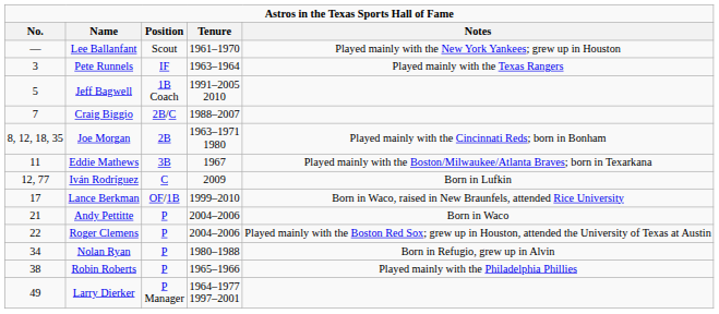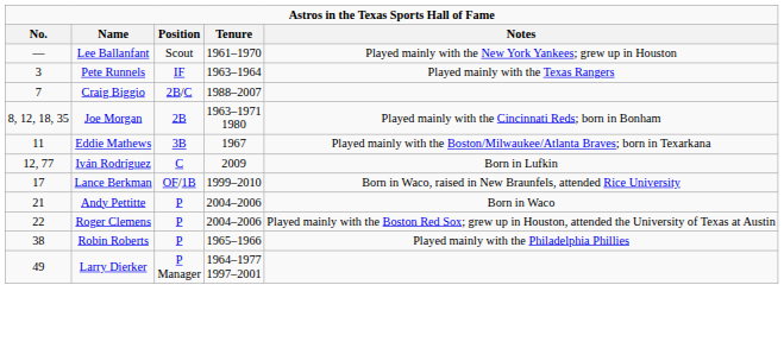 <table class="wikitable" style="text-align:center">
 <tr>
 <td colspan="5"><strong>Astros in the Texas Sports Hall of Fame</strong></td>
 </tr>
 <tr>
 <th>No.</th>
 <th>Name</th>
 <th>Position</th>
 <th>Tenure</th>
 <th>Notes</th>
 </tr>
 <tr>
 <td>—</td>
 <td><a href='#'>Lee Ballanfant</a></td>
 <td>Scout</td>
 <td>1961–1970</td>
 <td>Played mainly with the <a href='#'>New York Yankees</a>; grew up in Houston</td>
 </tr>
 <tr>
 <td>3</td>
 <td><a href='#'>Pete Runnels</a></td>
 <td><a href='#'>IF</a></td>
 <td>1963–1964</td>
 <td>Played mainly with the <a href='#'>Texas Rangers</a></td>
-</tr>
-<tr>
-<td>5</td>
-<td><a href='#'>Jeff Bagwell</a></td>
-<td><a href='#'>1B</a><br>Coach</td>
-<td>1991–2005<br>2010</td>
-<td></td>
 </tr>
 <tr>
 <td>7</td>
 <td><a href='#'>Craig Biggio</a></td>
 <td><a href='#'>2B</a>/<a href='#'>C</a></td>
 <td>1988–2007</td>
 <td></td>
 </tr>
 <tr>
 <td>8, 12, 18, 35</td>
 <td><a href='#'>Joe Morgan</a></td>
 <td><a href='#'>2B</a></td>
 <td>1963–1971<br>1980</td>
 <td>Played mainly with the <a href='#'>Cincinnati Reds</a>; born in Bonham</td>
 </tr>
 <tr>
 <td>11</td>
 <td><a href='#'>Eddie Mathews</a></td>
 <td><a href='#'>3B</a></td>
 <td>1967</td>
 <td>Played mainly with the <a href='#'>Boston/Milwaukee/Atlanta Braves</a>; born in Texarkana</td>
 </tr>
 <tr>
 <td>12, 77</td>
 <td><a href='#'>Iván Rodríguez</a></td>
 <td><a href='#'>C</a></td>
 <td>2009</td>
 <td>Born in Lufkin</td>
 </tr>
 <tr>
 <td>17</td>
 <td><a href='#'>Lance Berkman</a></td>
 <td><a href='#'>OF</a>/<a href='#'>1B</a></td>
 <td>1999–2010</td>
 <td>Born in Waco, raised in New Braunfels, attended <a href='#'>Rice University</a></td>
 </tr>
 <tr>
 <td>21</td>
 <td><a href='#'>Andy Pettitte</a></td>
 <td><a href='#'>P</a></td>
 <td>2004–2006</td>
 <td>Born in Waco</td>
 </tr>
 <tr>
 <td>22</td>
 <td><a href='#'>Roger Clemens</a></td>
 <td><a href='#'>P</a></td>
 <td>2004–2006</td>
 <td>Played mainly with the <a href='#'>Boston Red Sox</a>; grew up in Houston, attended the University of Texas at Austin</td>
 </tr>
 <tr>
-<td>34</td>
-<td><a href='#'>Nolan Ryan</a></td>
-<td><a href='#'>P</a></td>
-<td>1980–1988</td>
-<td>Born in Refugio, grew up in Alvin</td>
-</tr>
-<tr>
 <td>38</td>
 <td><a href='#'>Robin Roberts</a></td>
 <td><a href='#'>P</a></td>
 <td>1965–1966</td>
 <td>Played mainly with the <a href='#'>Philadelphia Phillies</a></td>
 </tr>
 <tr>
 <td>49</td>
 <td><a href='#'>Larry Dierker</a></td>
 <td><a href='#'>P</a><br>Manager</td>
 <td>1964–1977<br>1997–2001</td>
 <td></td>
 </tr>
 </table>
